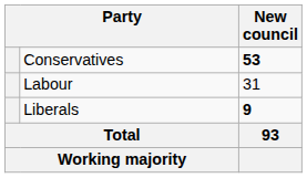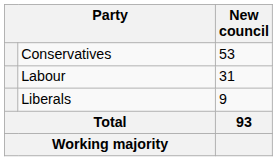 <table class="wikitable">
 <tr>
 <th valign=top colspan="2" style="width: 230px">Party</th>
 <th valign=top style="width: 30px">New council</th>
 </tr>
 <tr>
 <th style="background-color: "></th>
 <td>Conservatives</td>
-<td><strong>53</strong></td>
+<td>53</td>
 </tr>
 <tr>
 <th style="background-color: "></th>
 <td>Labour</td>
 <td>31</td>
 </tr>
 <tr>
 <th style="background-color: "></th>
 <td>Liberals</td>
-<td><strong>9</strong></td>
+<td>9</td>
 </tr>
 <tr>
 <th colspan=2>Total</th>
 <th style="text-align: center">93</th>
 </tr>
 <tr>
 <th colspan=2>Working majority</th>
 <th></th>
 </tr>
 </table>
